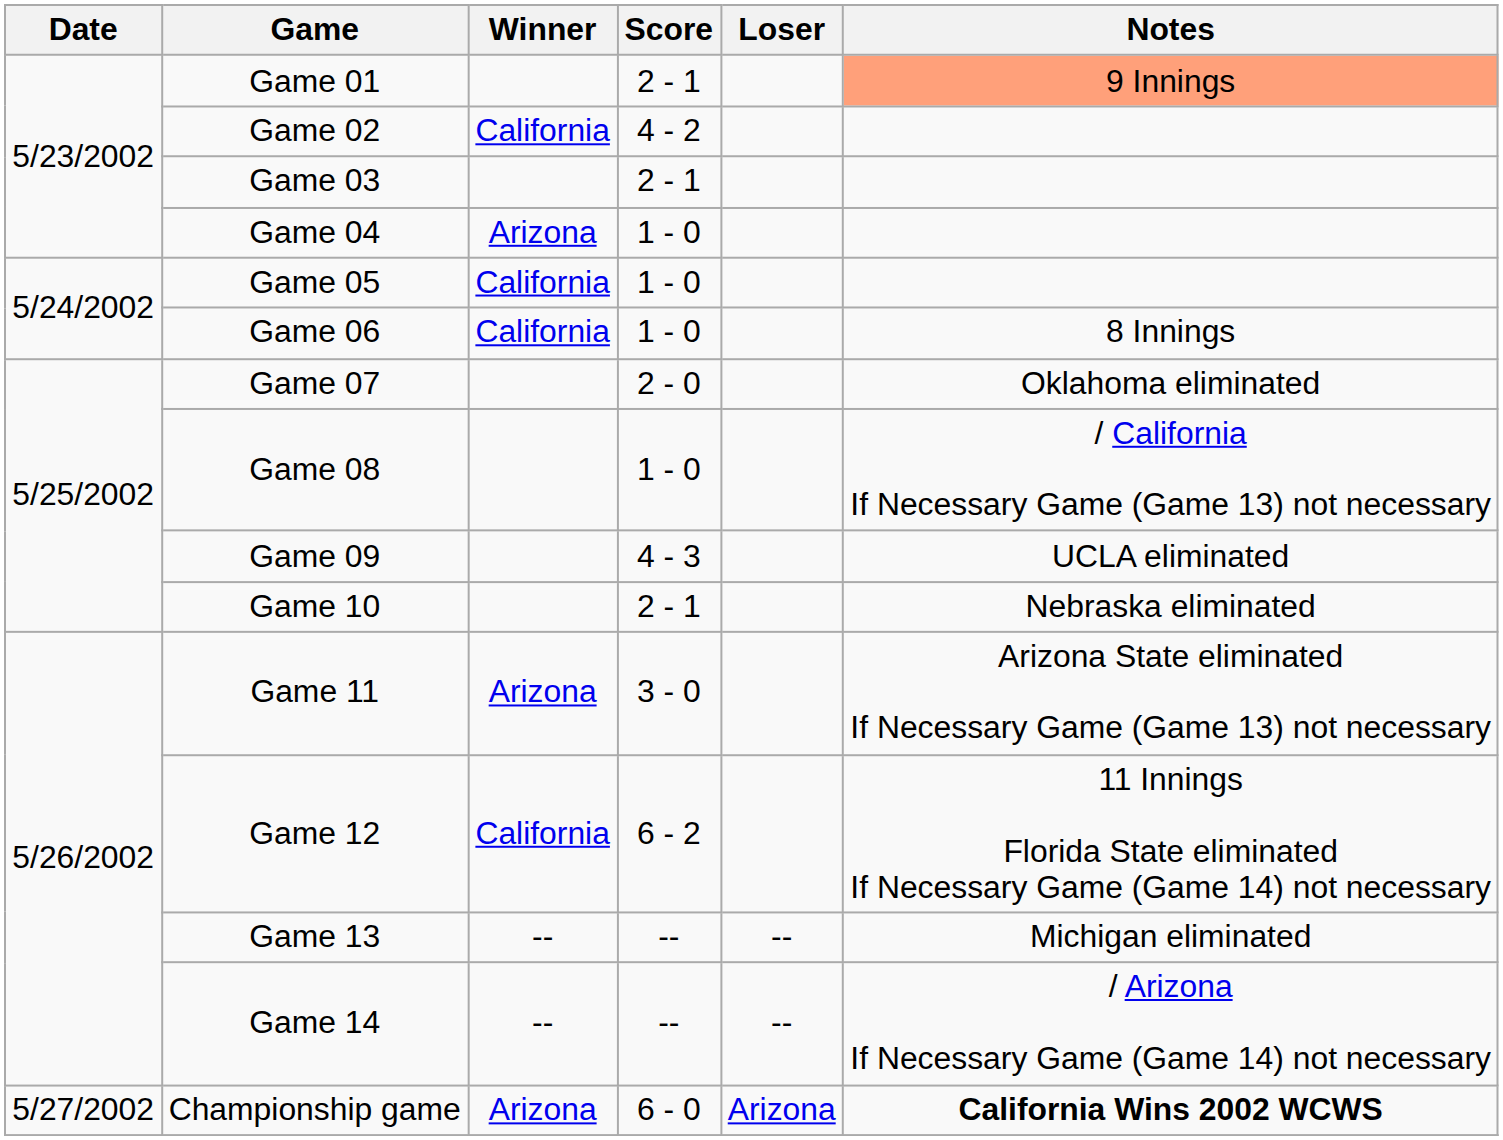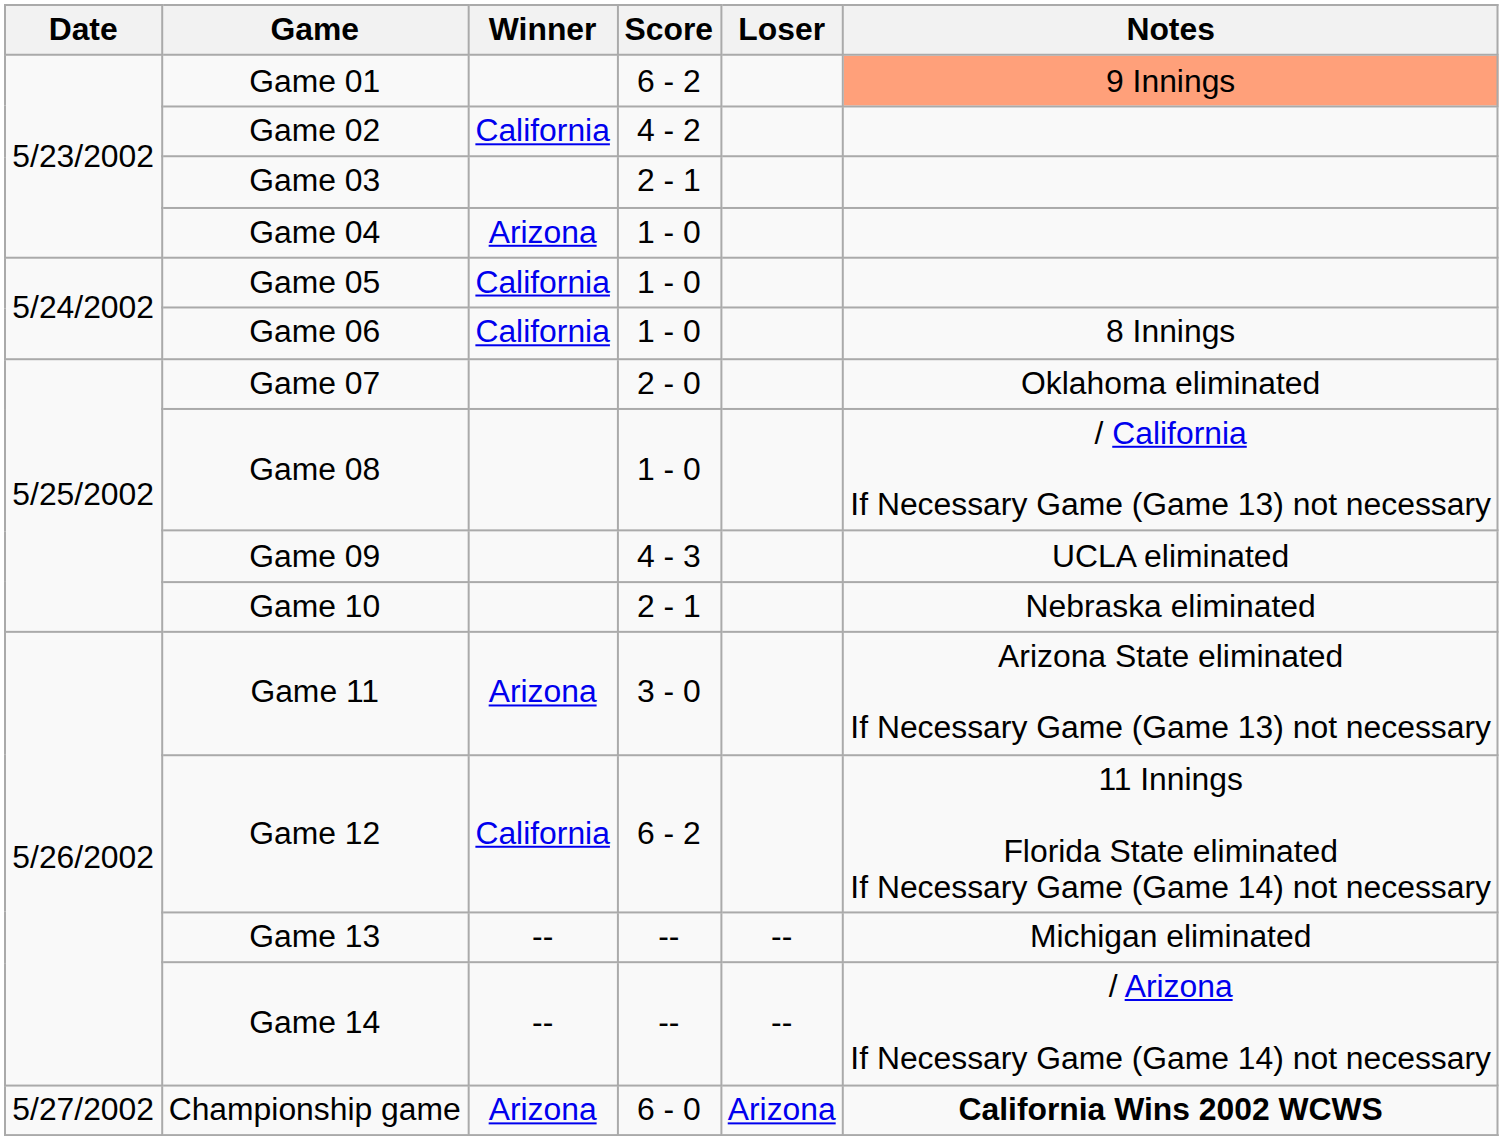 <table class="wikitable">
 <tr>
 <th>Date</th>
 <th>Game</th>
 <th>Winner</th>
 <th>Score</th>
 <th>Loser</th>
 <th>Notes</th>
 </tr>
 <tr align=center>
 <td rowspan=4>5/23/2002</td>
 <td>Game 01</td>
 <td></td>
-<td>2 - 1</td>
+<td>6 - 2</td>
 <td></td>
 <td style="background: lightsalmon;">9 Innings</td>
 </tr>
 <tr align=center>
 <td>Game 02</td>
 <td><a href='#'>California</a></td>
 <td>4 - 2</td>
 <td></td>
 <td></td>
 </tr>
 <tr align=center>
 <td>Game 03</td>
 <td></td>
 <td>2 - 1</td>
 <td></td>
 <td></td>
 </tr>
 <tr align=center>
 <td>Game 04</td>
 <td><a href='#'>Arizona</a></td>
 <td>1 - 0</td>
 <td></td>
 <td></td>
 </tr>
 <tr align=center>
 <td rowspan=2>5/24/2002</td>
 <td>Game 05</td>
 <td><a href='#'>California</a></td>
 <td>1 - 0</td>
 <td></td>
 <td></td>
 </tr>
 <tr align=center>
 <td>Game 06</td>
 <td><a href='#'>California</a></td>
 <td>1 - 0</td>
 <td></td>
 <td>8 Innings</td>
 </tr>
 <tr align=center>
 <td rowspan=4>5/25/2002</td>
 <td>Game 07</td>
 <td></td>
 <td>2 - 0</td>
 <td></td>
 <td>Oklahoma eliminated</td>
 </tr>
 <tr align=center>
 <td>Game 08</td>
 <td></td>
 <td>1 - 0</td>
 <td></td>
 <td> / <a href='#'>California</a><br><br>If Necessary Game (Game 13) not necessary</td>
 </tr>
 <tr align=center>
 <td>Game 09</td>
 <td></td>
 <td>4 - 3</td>
 <td></td>
 <td>UCLA eliminated</td>
 </tr>
 <tr align=center>
 <td>Game 10</td>
 <td></td>
 <td>2 - 1</td>
 <td></td>
 <td>Nebraska eliminated</td>
 </tr>
 <tr align=center>
 <td rowspan=4>5/26/2002</td>
 <td>Game 11</td>
 <td><a href='#'>Arizona</a></td>
 <td>3 - 0</td>
 <td></td>
 <td>Arizona State eliminated<br><br>If Necessary Game (Game 13) not necessary</td>
 </tr>
 <tr align=center>
 <td>Game 12</td>
 <td><a href='#'>California</a></td>
 <td>6 - 2</td>
 <td></td>
 <td>11 Innings<br><br>Florida State eliminated<br> If Necessary Game (Game 14) not necessary</td>
 </tr>
 <tr align=center>
 <td>Game 13</td>
 <td>--</td>
 <td>--</td>
 <td>--</td>
 <td>Michigan eliminated</td>
 </tr>
 <tr align=center>
 <td>Game 14</td>
 <td>--</td>
 <td>--</td>
 <td>--</td>
 <td> / <a href='#'>Arizona</a><br><br>If Necessary Game (Game 14) not necessary</td>
 </tr>
 <tr align=center>
 <td>5/27/2002</td>
 <td>Championship game</td>
 <td><a href='#'>Arizona</a></td>
 <td>6 - 0</td>
 <td><a href='#'>Arizona</a></td>
 <td><strong>California Wins 2002 WCWS</strong></td>
 </tr>
 <tr align=center>
 </tr>
 </table>
